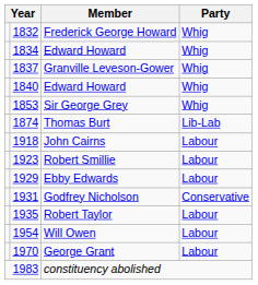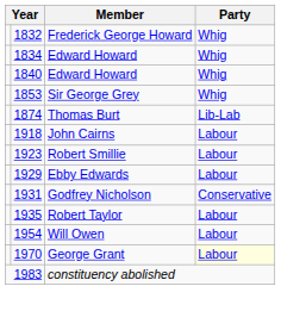 <table class="wikitable">
 <tr>
 <th colspan="2">Year</th>
 <th>Member</th>
 <th>Party</th>
 </tr>
 <tr>
 <td style="color:inherit;background-color: "></td>
 <td><a href='#'>1832</a></td>
 <td><a href='#'>Frederick George Howard</a></td>
 <td><a href='#'>Whig</a></td>
 </tr>
 <tr>
 <td style="color:inherit;background-color: "></td>
 <td><a href='#'>1834</a></td>
 <td><a href='#'>Edward Howard</a></td>
-<td><a href='#'>Whig</a></td>
-</tr>
-<tr>
-<td style="color:inherit;background-color: "></td>
-<td><a href='#'>1837</a></td>
-<td><a href='#'>Granville Leveson-Gower</a></td>
 <td><a href='#'>Whig</a></td>
 </tr>
 <tr>
 <td style="color:inherit;background-color: "></td>
 <td><a href='#'>1840</a></td>
 <td><a href='#'>Edward Howard</a></td>
 <td><a href='#'>Whig</a></td>
 </tr>
 <tr>
 <td style="color:inherit;background-color: "></td>
 <td><a href='#'>1853</a></td>
 <td><a href='#'>Sir George Grey</a></td>
 <td><a href='#'>Whig</a></td>
 </tr>
 <tr>
 <td style="color:inherit;background-color: "></td>
 <td><a href='#'>1874</a></td>
 <td><a href='#'>Thomas Burt</a></td>
 <td><a href='#'>Lib-Lab</a></td>
 </tr>
 <tr>
 <td style="color:inherit;background-color: "></td>
 <td><a href='#'>1918</a></td>
 <td><a href='#'>John Cairns</a></td>
 <td><a href='#'>Labour</a></td>
 </tr>
 <tr>
 <td style="color:inherit;background-color: "></td>
 <td><a href='#'>1923</a></td>
 <td><a href='#'>Robert Smillie</a></td>
 <td><a href='#'>Labour</a></td>
 </tr>
 <tr>
 <td style="color:inherit;background-color: "></td>
 <td><a href='#'>1929</a></td>
 <td><a href='#'>Ebby Edwards</a></td>
 <td><a href='#'>Labour</a></td>
 </tr>
 <tr>
 <td style="color:inherit;background-color: "></td>
 <td><a href='#'>1931</a></td>
 <td><a href='#'>Godfrey Nicholson</a></td>
 <td><a href='#'>Conservative</a></td>
 </tr>
 <tr>
 <td style="color:inherit;background-color: "></td>
 <td><a href='#'>1935</a></td>
 <td><a href='#'>Robert Taylor</a></td>
 <td><a href='#'>Labour</a></td>
 </tr>
 <tr>
 <td style="color:inherit;background-color: "></td>
 <td><a href='#'>1954</a></td>
 <td><a href='#'>Will Owen</a></td>
 <td><a href='#'>Labour</a></td>
 </tr>
 <tr>
 <td style="color:inherit;background-color: "></td>
 <td><a href='#'>1970</a></td>
 <td><a href='#'>George Grant</a></td>
-<td><a href='#'>Labour</a></td>
+<td style="background: lightyellow;"><a href='#'>Labour</a></td>
 </tr>
 <tr>
 <td colspan="2" align="right"><a href='#'>1983</a></td>
 <td colspan="2"><em>constituency abolished</em></td>
 </tr>
 </table>
